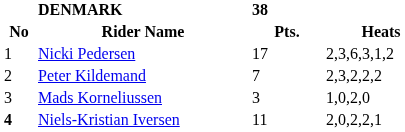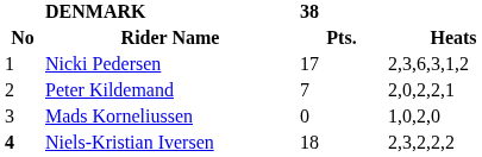 <table class="toccolours">
 <tr>
 <td></td>
 <td><strong>DENMARK</strong></td>
 <td><strong>38</strong></td>
 </tr>
 <tr style="background-color:">
 <th width=30px>No</th>
 <th width=210px>Rider Name</th>
 <th width=70px>Pts.</th>
 <th width=110px>Heats</th>
 </tr>
 <tr style="background-color:">
 <td>1</td>
 <td><a href='#'>Nicki Pedersen</a></td>
 <td>17</td>
 <td>2,3,6,3,1,2</td>
 </tr>
 <tr style="background-color:">
 <td>2</td>
 <td><a href='#'>Peter Kildemand</a></td>
 <td>7</td>
-<td>2,3,2,2,2</td>
+<td>2,0,2,2,1</td>
 </tr>
 <tr style="background-color:">
 <td>3</td>
 <td><a href='#'>Mads Korneliussen</a></td>
-<td>3</td>
+<td>0</td>
 <td>1,0,2,0</td>
 </tr>
 <tr style="background-color:">
 <td><strong>4</strong></td>
 <td><a href='#'>Niels-Kristian Iversen</a></td>
-<td>11</td>
-<td>2,0,2,2,1</td>
+<td>18</td>
+<td>2,3,2,2,2</td>
 </tr>
 </table>
